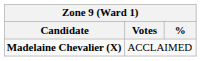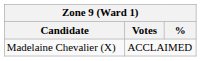 <table class="wikitable">
 <tr>
 <th colspan="3">Zone 9 (Ward 1)</th>
 </tr>
 <tr>
 <th style="width: 170px">Candidate</th>
 <th style="width: 50px">Votes</th>
 <th style="width: 40px">%</th>
 </tr>
 <tr>
-<td><strong>Madelaine Chevalier (X)</strong></td>
+<td>Madelaine Chevalier (X)</td>
 <td colspan="2">ACCLAIMED</td>
 </tr>
 </table>
